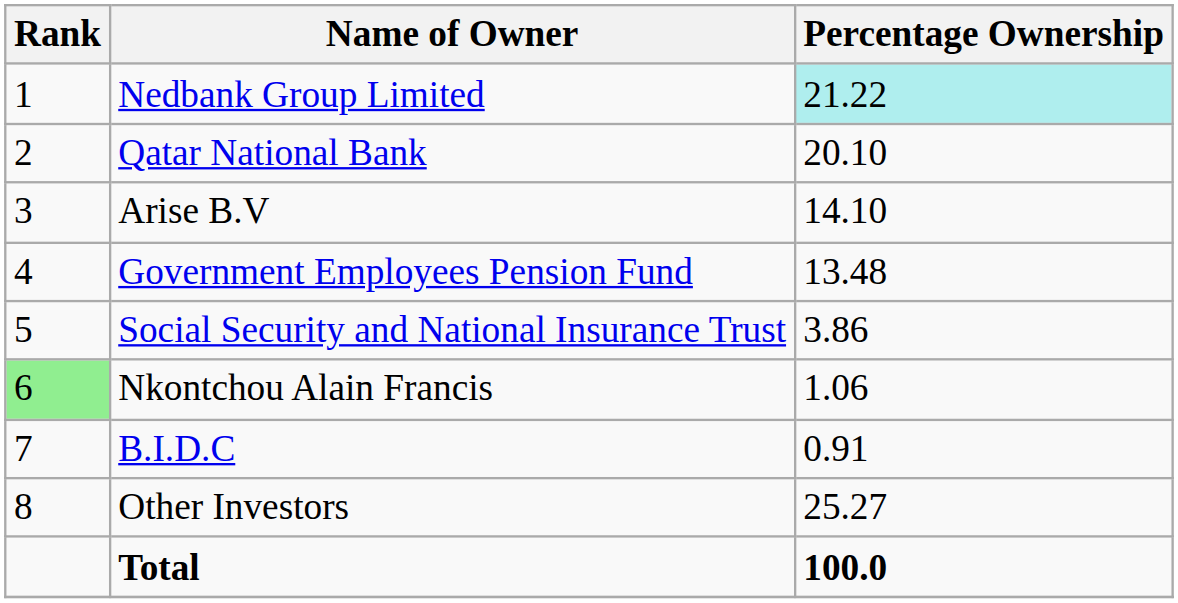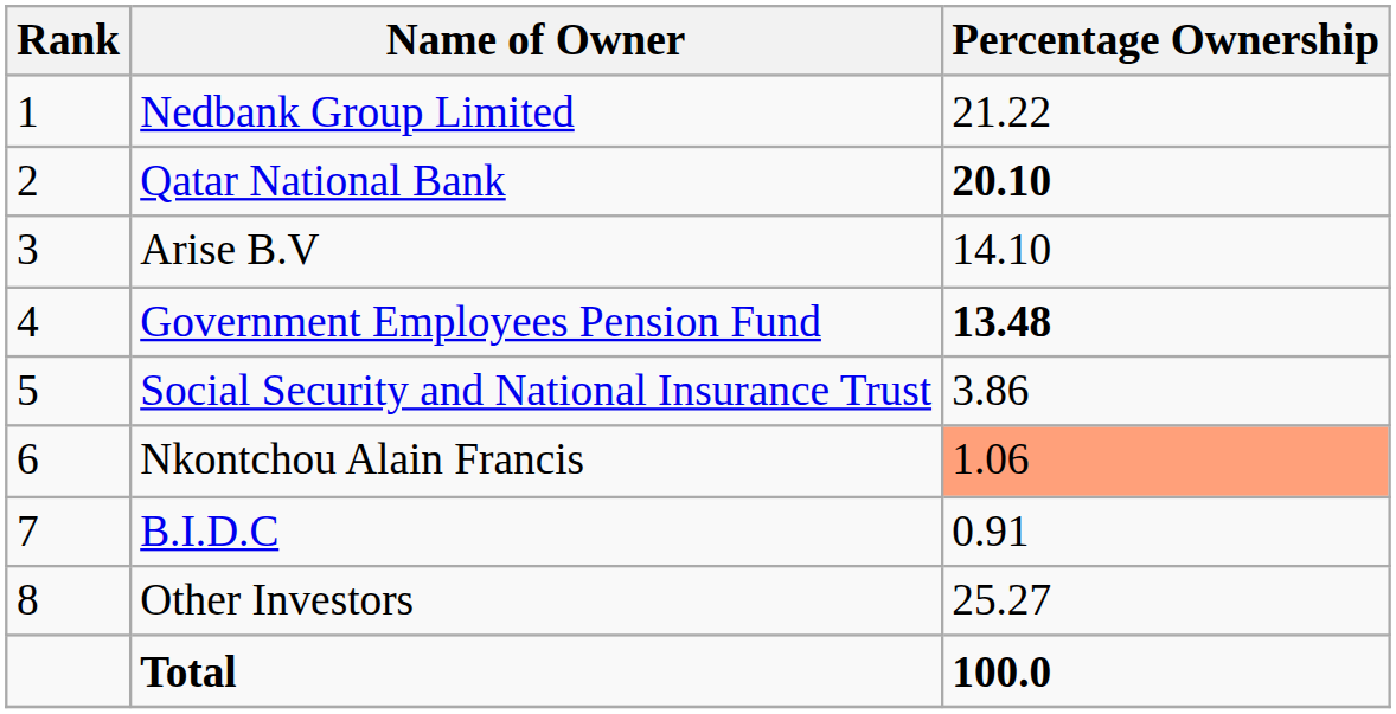 <table class="wikitable sortable" style="margin-left:auto;margin-right:auto">
 <tr>
 <th style="width:2em;">Rank</th>
 <th>Name of Owner</th>
 <th>Percentage Ownership</th>
 </tr>
 <tr>
 <td>1</td>
 <td><a href='#'>Nedbank Group Limited</a></td>
-<td style="background: paleturquoise;">21.22</td>
+<td>21.22</td>
 </tr>
 <tr>
 <td>2</td>
 <td><a href='#'>Qatar National Bank</a></td>
-<td>20.10</td>
+<td><strong>20.10</strong></td>
 </tr>
 <tr>
 <td>3</td>
 <td>Arise B.V</td>
 <td>14.10</td>
 </tr>
 <tr>
 <td>4</td>
 <td><a href='#'>Government Employees Pension Fund</a></td>
-<td>13.48</td>
+<td><strong>13.48</strong></td>
 </tr>
 <tr>
 <td>5</td>
 <td><a href='#'>Social Security and National Insurance Trust</a></td>
 <td>3.86</td>
 </tr>
 <tr>
-<td style="background: lightgreen;">6</td>
+<td>6</td>
 <td>Nkontchou Alain Francis</td>
-<td>1.06</td>
+<td style="background: lightsalmon;">1.06</td>
 </tr>
 <tr>
 <td>7</td>
 <td><a href='#'>B.I.D.C</a></td>
 <td>0.91</td>
 </tr>
 <tr>
 <td>8</td>
 <td>Other Investors</td>
 <td>25.27</td>
 </tr>
 <tr>
 <td></td>
 <td><strong>Total</strong></td>
 <td><strong>100.0</strong></td>
 </tr>
 <tr>
 </tr>
 </table>
